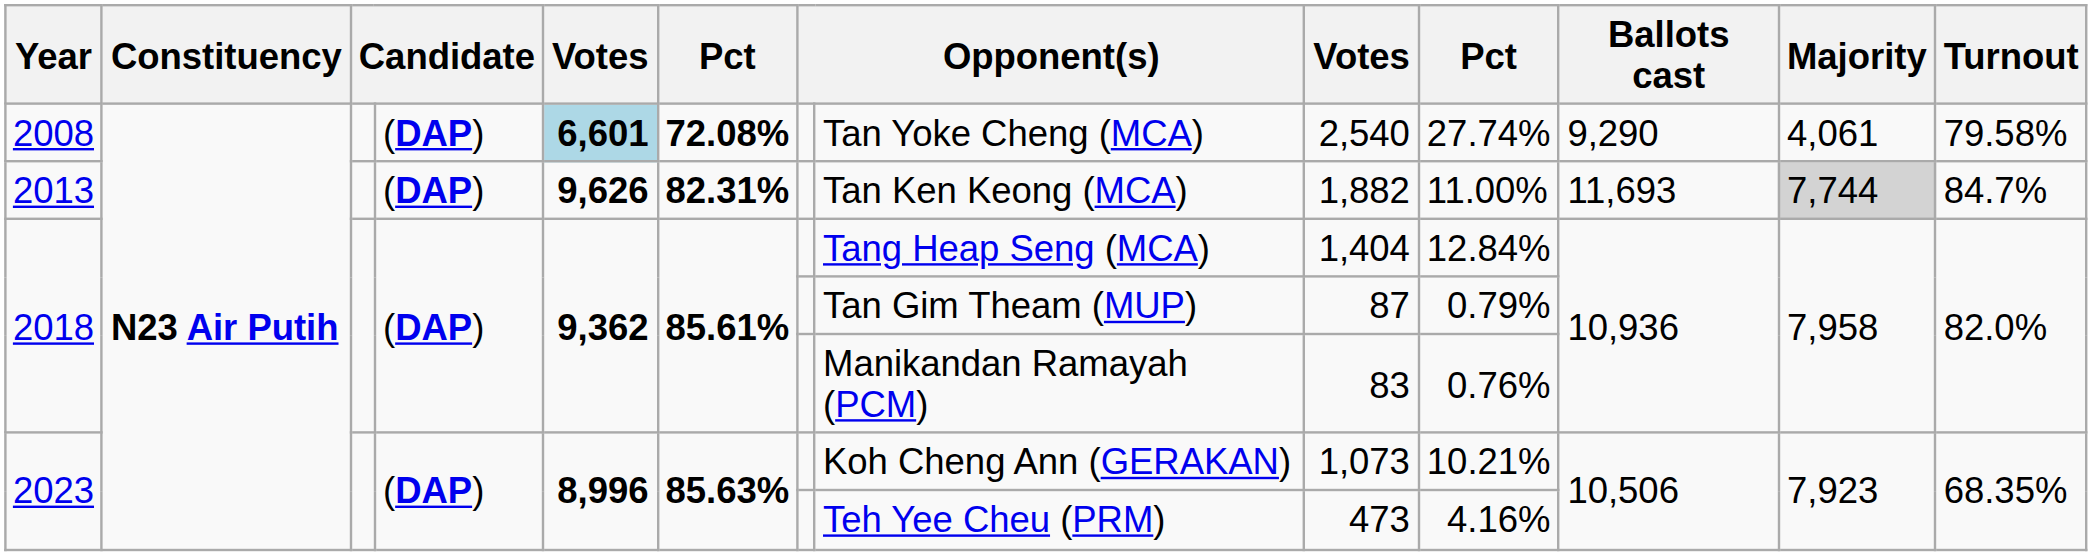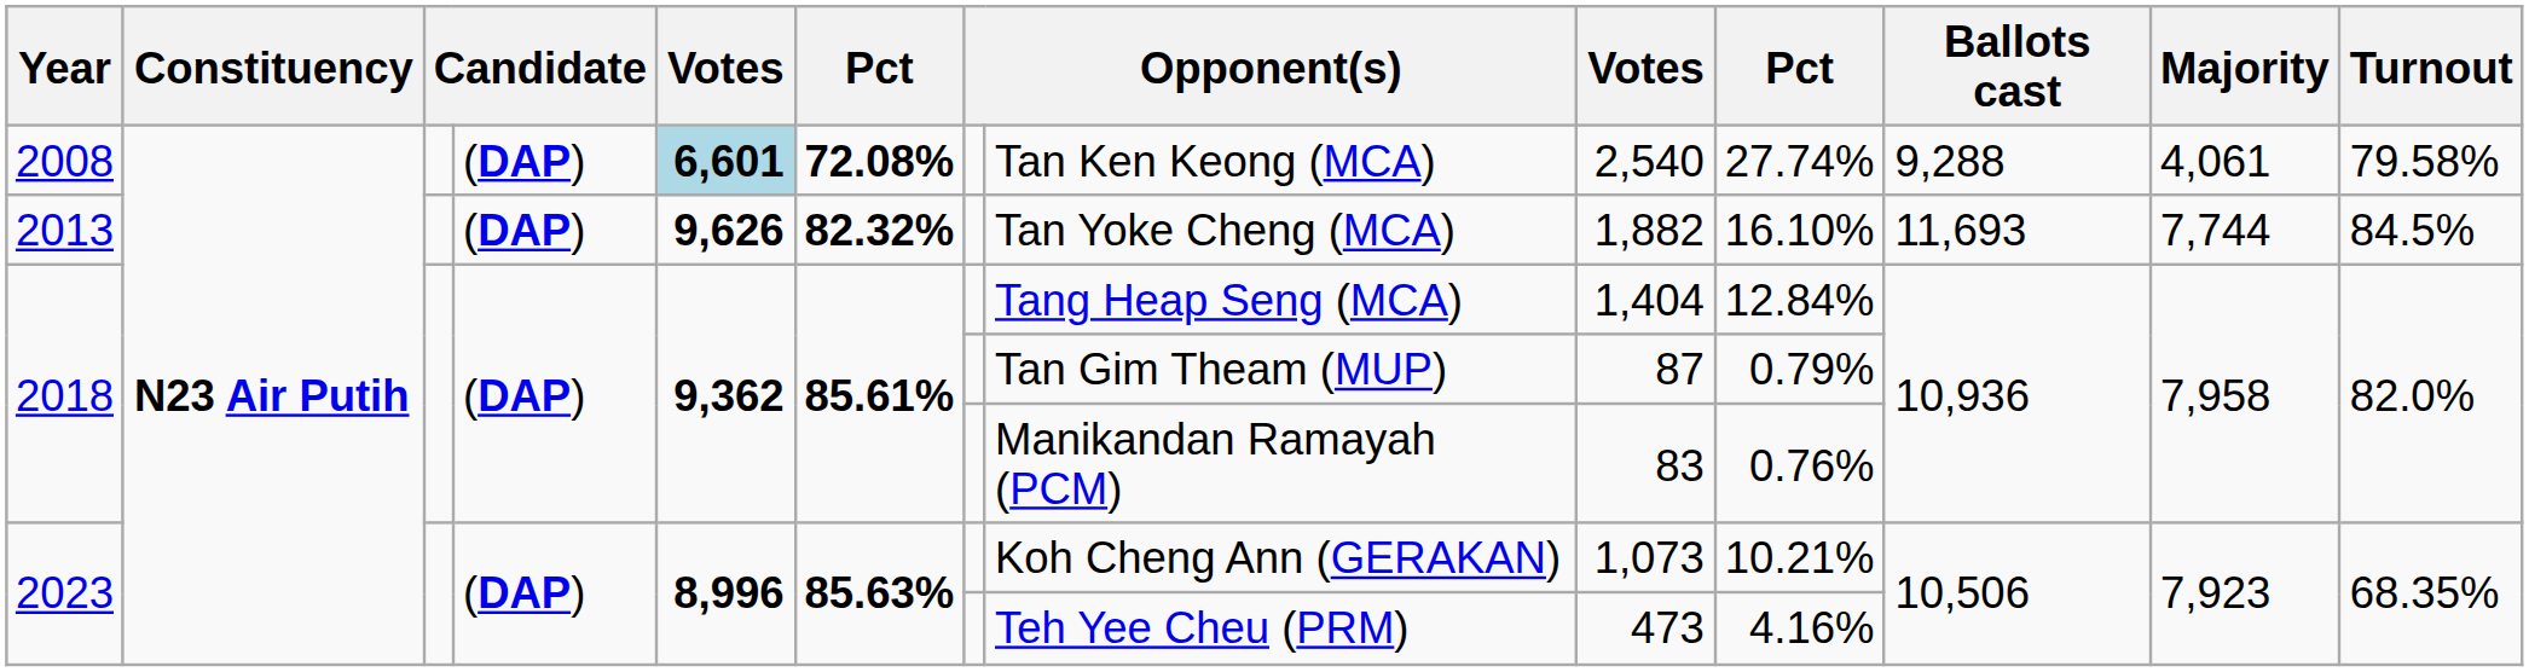 <table class="wikitable" style="margin:0.5em ; font-size:95%">
 <tr>
 <th>Year</th>
 <th>Constituency</th>
 <th colspan=2>Candidate</th>
 <th>Votes</th>
 <th>Pct</th>
 <th colspan=2>Opponent(s)</th>
 <th>Votes</th>
 <th>Pct</th>
 <th>Ballots cast</th>
 <th>Majority</th>
 <th>Turnout</th>
 </tr>
 <tr>
 <td><a href='#'>2008</a></td>
 <td rowspan=7><strong>N23 <a href='#'>Air Putih</a></strong></td>
 <td></td>
 <td> (<a href='#'><strong>DAP</strong></a>)</td>
 <td style="background: lightblue; text-align:right;"><strong>6,601</strong></td>
 <td><strong>72.08%</strong></td>
 <td></td>
-<td>Tan Yoke Cheng (<a href='#'>MCA</a>)</td>
+<td>Tan Ken Keong (<a href='#'>MCA</a>)</td>
 <td style="text-align:right;">2,540</td>
 <td>27.74%</td>
-<td>9,290</td>
+<td>9,288</td>
 <td>4,061</td>
 <td>79.58%</td>
 </tr>
 <tr>
 <td><a href='#'>2013</a></td>
 <td></td>
 <td> (<a href='#'><strong>DAP</strong></a>)</td>
 <td style="text-align:right;"><strong>9,626</strong></td>
-<td><strong>82.31%</strong></td>
+<td><strong>82.32%</strong></td>
 <td></td>
-<td>Tan Ken Keong (<a href='#'>MCA</a>)</td>
+<td>Tan Yoke Cheng (<a href='#'>MCA</a>)</td>
 <td style="text-align:right;">1,882</td>
-<td>11.00%</td>
+<td>16.10%</td>
 <td>11,693</td>
-<td style="background: lightgrey;">7,744</td>
-<td>84.7%</td>
+<td>7,744</td>
+<td>84.5%</td>
 </tr>
 <tr>
 <td rowspan="3"><a href='#'>2018</a></td>
 <td rowspan="3" ></td>
 <td rowspan="3"> (<a href='#'><strong>DAP</strong></a>)</td>
 <td rowspan="3" style="text-align:right;"><strong>9,362</strong></td>
 <td rowspan="3"><strong>85.61%</strong></td>
 <td></td>
 <td><a href='#'>Tang Heap Seng</a> (<a href='#'>MCA</a>)</td>
 <td style="text-align:right;">1,404</td>
 <td>12.84%</td>
 <td rowspan="3">10,936</td>
 <td rowspan="3">7,958</td>
 <td rowspan="3">82.0%</td>
 </tr>
 <tr>
 <td bgcolor=></td>
 <td>Tan Gim Theam (<a href='#'>MUP</a>)</td>
 <td style="text-align:right;">87</td>
 <td style="text-align:right;">0.79%</td>
 </tr>
 <tr>
 <td bgcolor=></td>
 <td>Manikandan Ramayah (<a href='#'>PCM</a>)</td>
 <td style="text-align:right;">83</td>
 <td style="text-align:right;">0.76%</td>
 </tr>
 <tr>
 <td rowspan=2><a href='#'>2023</a></td>
 <td rowspan=2 ></td>
 <td rowspan=2> (<a href='#'><strong>DAP</strong></a>)</td>
 <td rowspan=2 style="text-align:right;"><strong>8,996</strong></td>
 <td rowspan=2><strong>85.63%</strong></td>
 <td></td>
 <td>Koh Cheng Ann (<a href='#'>GERAKAN</a>)</td>
 <td style="text-align:right;">1,073</td>
 <td>10.21%</td>
 <td rowspan=2>10,506</td>
 <td rowspan=2>7,923</td>
 <td rowspan=2>68.35%</td>
 </tr>
 <tr>
 <td></td>
 <td><a href='#'>Teh Yee Cheu</a> (<a href='#'>PRM</a>)</td>
 <td style="text-align:right;">473</td>
 <td style="text-align:right;">4.16%</td>
 </tr>
 </table>
